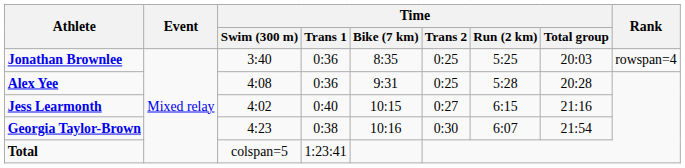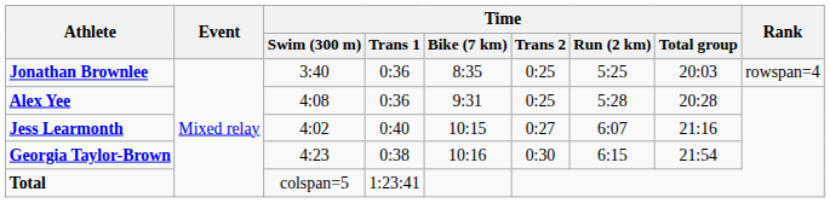 <table class="wikitable" style="font-size:90%;text-align:center;">
 <tr>
 <th rowspan=2>Athlete</th>
 <th rowspan=2>Event</th>
 <th colspan=6>Time</th>
 <th rowspan=2>Rank</th>
 </tr>
 <tr style="font-size:95%">
 <th>Swim (300 m)</th>
 <th>Trans 1</th>
 <th>Bike (7 km)</th>
 <th>Trans 2</th>
 <th>Run (2 km)</th>
 <th>Total group</th>
 </tr>
 <tr>
 <td align=left><strong><a href='#'>Jonathan Brownlee</a></strong></td>
 <td align=left rowspan=5><a href='#'>Mixed relay</a></td>
 <td>3:40</td>
 <td>0:36</td>
 <td>8:35</td>
 <td>0:25</td>
 <td>5:25</td>
 <td>20:03</td>
 <td>rowspan=4 </td>
 </tr>
 <tr>
 <td align=left><strong><a href='#'>Alex Yee</a></strong></td>
 <td>4:08</td>
 <td>0:36</td>
 <td>9:31</td>
 <td>0:25</td>
 <td>5:28</td>
 <td>20:28</td>
 </tr>
 <tr>
 <td align=left><strong><a href='#'>Jess Learmonth</a></strong></td>
 <td>4:02</td>
 <td>0:40</td>
 <td>10:15</td>
 <td>0:27</td>
-<td>6:15</td>
+<td>6:07</td>
 <td>21:16</td>
 </tr>
 <tr>
 <td align=left><strong><a href='#'>Georgia Taylor-Brown</a></strong></td>
 <td>4:23</td>
 <td>0:38</td>
 <td>10:16</td>
 <td>0:30</td>
-<td>6:07</td>
+<td>6:15</td>
 <td>21:54</td>
 </tr>
 <tr align=center>
 <td align=left><strong>Total</strong></td>
 <td>colspan=5 </td>
 <td>1:23:41</td>
 <td></td>
 </tr>
 </table>
